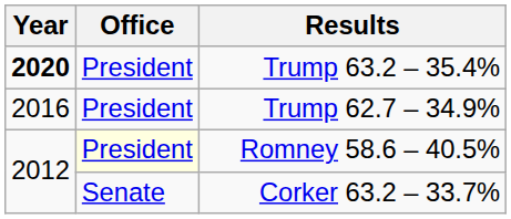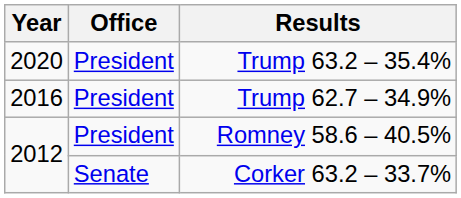 <table class="wikitable">
 <tr>
 <th width="30">Year</th>
 <th width="60">Office</th>
 <th width="180">Results</th>
 </tr>
 <tr>
-<td><strong>2020</strong></td>
+<td>2020</td>
 <td><a href='#'>President</a></td>
 <td align="right" ><a href='#'>Trump</a> 63.2 – 35.4%</td>
 </tr>
 <tr>
 <td>2016</td>
 <td><a href='#'>President</a></td>
 <td align="right" ><a href='#'>Trump</a> 62.7 – 34.9%</td>
 </tr>
 <tr>
 <td rowspan="2">2012</td>
-<td style="background: lightyellow;"><a href='#'>President</a></td>
+<td><a href='#'>President</a></td>
 <td align="right" ><a href='#'>Romney</a> 58.6 – 40.5%</td>
 </tr>
 <tr>
 <td><a href='#'>Senate</a></td>
 <td align="right" ><a href='#'>Corker</a> 63.2 – 33.7%</td>
 </tr>
 </table>
